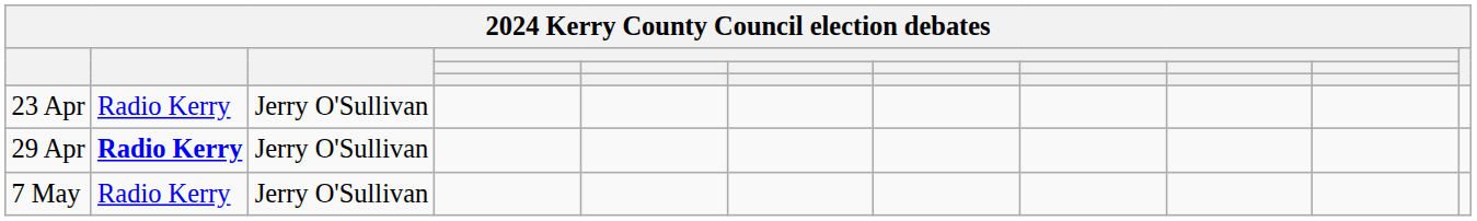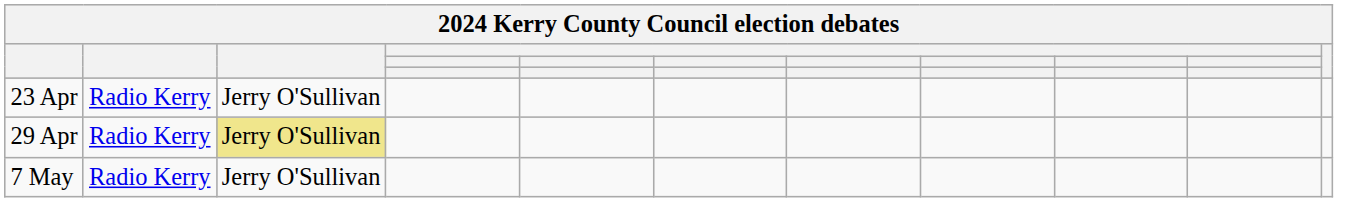 <table class="wikitable" style="font-size:98%; text-align:center;">
 <tr>
 <th colspan="12">2024 Kerry County Council election debates</th>
 </tr>
 <tr>
 <th style="white-space:nowrap;" rowspan="3"></th>
 <th rowspan="3"></th>
 <th rowspan="3"></th>
 <th scope="col" colspan="7">    </th>
 <th rowspan="3"></th>
 </tr>
 <tr>
 <th scope="col" style="width:5em;"></th>
 <th scope="col" style="width:5em;"></th>
 <th scope="col" style="width:5em;"></th>
 <th scope="col" style="width:5em;"></th>
 <th scope="col" style="width:5em;"></th>
 <th scope="col" style="width:5em;"></th>
 <th scope="col" style="width:5em;"></th>
 </tr>
 <tr>
 <th style="color:inherit;background:"></th>
 <th style="color:inherit;background:"></th>
 <th style="color:inherit;background:"></th>
 <th style="color:inherit;background:"></th>
 <th style="color:inherit;background:"></th>
 <th style="color:inherit;background:"></th>
 <th style="color:inherit;background:"></th>
 </tr>
 <tr>
 <td style="white-space:nowrap; text-align:left;">23 Apr</td>
 <td style="white-space:nowrap; text-align:left;"><a href='#'>Radio Kerry</a></td>
 <td style="white-space:nowrap; text-align:left;">Jerry O'Sullivan</td>
 <td></td>
 <td></td>
 <td></td>
 <td></td>
 <td></td>
 <td></td>
 <td></td>
 <td></td>
 </tr>
 <tr>
 <td style="white-space:nowrap; text-align:left;">29 Apr</td>
-<td style="white-space:nowrap; text-align:left;"><strong><a href='#'>Radio Kerry</a></strong></td>
-<td style="white-space:nowrap; text-align:left;">Jerry O'Sullivan</td>
+<td style="white-space:nowrap; text-align:left;"><a href='#'>Radio Kerry</a></td>
+<td style="background: khaki; white-space:nowrap; text-align:left;">Jerry O'Sullivan</td>
 <td></td>
 <td></td>
 <td></td>
 <td></td>
 <td></td>
 <td></td>
 <td></td>
 <td></td>
 </tr>
 <tr>
 <td style="white-space:nowrap; text-align:left;">7 May</td>
 <td style="white-space:nowrap; text-align:left;"><a href='#'>Radio Kerry</a></td>
 <td style="white-space:nowrap; text-align:left;">Jerry O'Sullivan</td>
 <td></td>
 <td></td>
 <td></td>
 <td></td>
 <td></td>
 <td></td>
 <td></td>
 </tr>
 </table>
